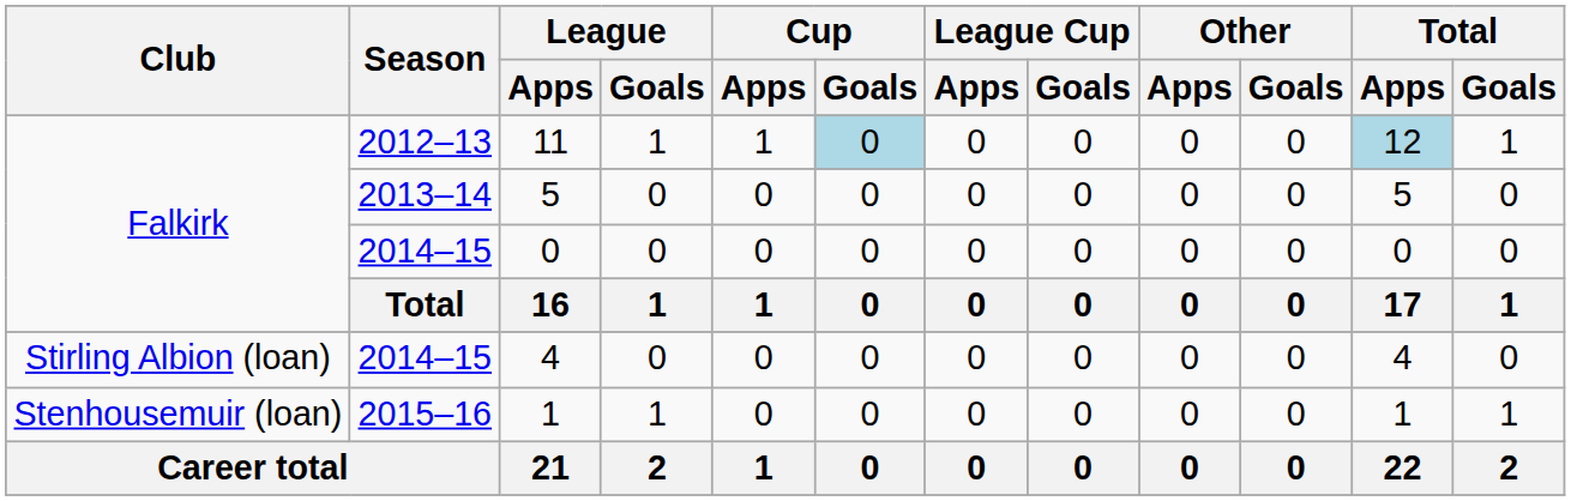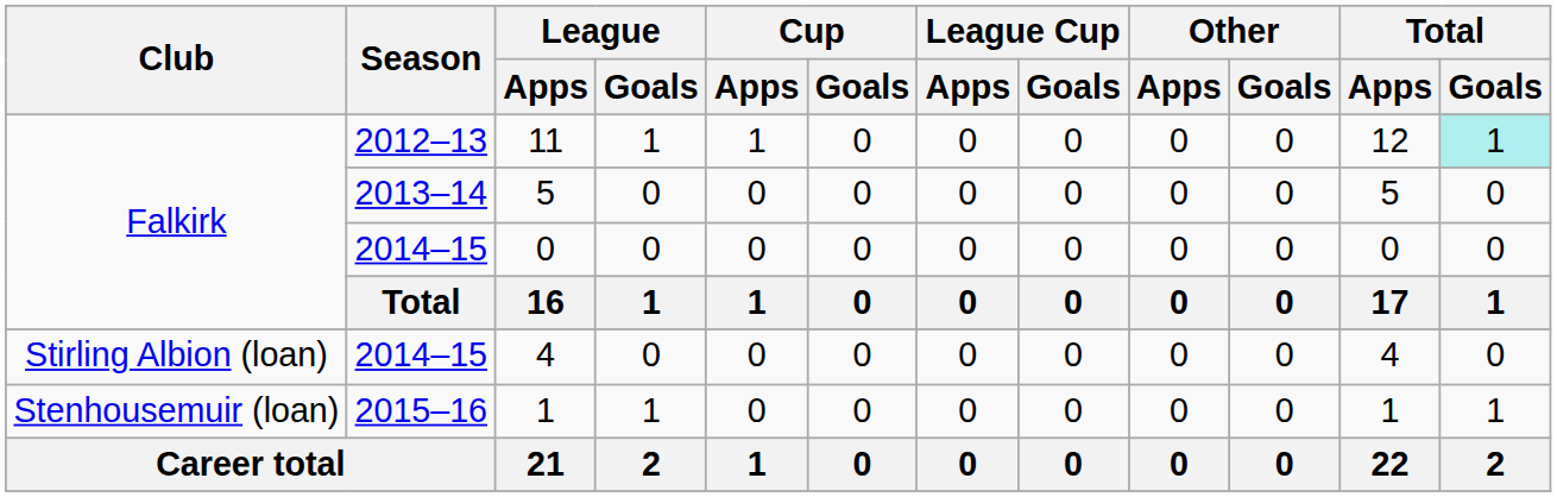 <table class="wikitable" style="text-align: center;">
 <tr>
 <th rowspan="2">Club</th>
 <th rowspan="2">Season</th>
 <th colspan="2">League</th>
 <th colspan="2">Cup</th>
 <th colspan="2">League Cup</th>
 <th colspan="2">Other</th>
 <th colspan="2">Total</th>
 </tr>
 <tr>
 <th>Apps</th>
 <th>Goals</th>
 <th>Apps</th>
 <th>Goals</th>
 <th>Apps</th>
 <th>Goals</th>
 <th>Apps</th>
 <th>Goals</th>
 <th>Apps</th>
 <th>Goals</th>
 </tr>
 <tr>
 <td rowspan=4><a href='#'>Falkirk</a></td>
 <td><a href='#'>2012–13</a></td>
 <td>11</td>
 <td>1</td>
 <td>1</td>
-<td style="background: lightblue;">0</td>
 <td>0</td>
 <td>0</td>
 <td>0</td>
 <td>0</td>
-<td style="background: lightblue;">12</td>
-<td>1</td>
+<td>0</td>
+<td>12</td>
+<td style="background: paleturquoise;">1</td>
 </tr>
 <tr>
 <td><a href='#'>2013–14</a></td>
 <td>5</td>
 <td>0</td>
 <td>0</td>
 <td>0</td>
 <td>0</td>
 <td>0</td>
 <td>0</td>
 <td>0</td>
 <td>5</td>
 <td>0</td>
 </tr>
 <tr>
 <td><a href='#'>2014–15</a></td>
 <td>0</td>
 <td>0</td>
 <td>0</td>
 <td>0</td>
 <td>0</td>
 <td>0</td>
 <td>0</td>
 <td>0</td>
 <td>0</td>
 <td>0</td>
 </tr>
 <tr>
 <th>Total</th>
 <th>16</th>
 <th>1</th>
 <th>1</th>
 <th>0</th>
 <th>0</th>
 <th>0</th>
 <th>0</th>
 <th>0</th>
 <th>17</th>
 <th>1</th>
 </tr>
 <tr>
 <td rowspan=1><a href='#'>Stirling Albion</a> (loan)</td>
 <td><a href='#'>2014–15</a></td>
 <td>4</td>
 <td>0</td>
 <td>0</td>
 <td>0</td>
 <td>0</td>
 <td>0</td>
 <td>0</td>
 <td>0</td>
 <td>4</td>
 <td>0</td>
 </tr>
 <tr>
 <td rowspan=1><a href='#'>Stenhousemuir</a> (loan)</td>
 <td><a href='#'>2015–16</a></td>
 <td>1</td>
 <td>1</td>
 <td>0</td>
 <td>0</td>
 <td>0</td>
 <td>0</td>
 <td>0</td>
 <td>0</td>
 <td>1</td>
 <td>1</td>
 </tr>
 <tr>
 <th colspan="2">Career total</th>
 <th>21</th>
 <th>2</th>
 <th>1</th>
 <th>0</th>
 <th>0</th>
 <th>0</th>
 <th>0</th>
 <th>0</th>
 <th>22</th>
 <th>2</th>
 </tr>
 </table>
